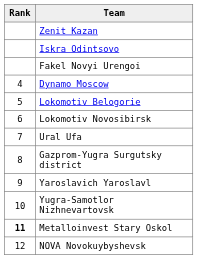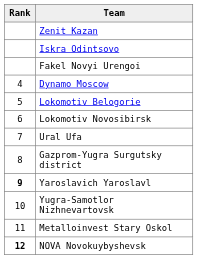 <table style=border-collapse:collapse border=1 cellspacing=1 cellpadding=5>
 <tr align=center bgcolor=#efefef>
 <th width=35>Rank</th>
 <th width=220>Team</th>
 </tr>
 <tr align=center>
 <td></td>
 <td style="text-align:left;"><a href='#'>Zenit Kazan</a></td>
 </tr>
 <tr align=center>
 <td></td>
 <td style="text-align:left;"><a href='#'>Iskra Odintsovo</a></td>
 </tr>
 <tr align=center>
 <td></td>
 <td style="text-align:left;">Fakel Novyi Urengoi</td>
 </tr>
 <tr align=center>
 <td>4</td>
 <td style="text-align:left;"><a href='#'>Dynamo Moscow</a></td>
 </tr>
 <tr align=center>
 <td>5</td>
 <td style="text-align:left;"><a href='#'>Lokomotiv Belogorie</a></td>
 </tr>
 <tr align=center>
 <td>6</td>
 <td style="text-align:left;">Lokomotiv Novosibirsk</td>
 </tr>
 <tr align=center>
 <td>7</td>
 <td style="text-align:left;">Ural Ufa</td>
 </tr>
 <tr align=center>
 <td>8</td>
 <td style="text-align:left;">Gazprom-Yugra Surgutsky district</td>
 </tr>
 <tr align=center>
-<td>9</td>
+<td><strong>9</strong></td>
 <td style="text-align:left;">Yaroslavich Yaroslavl</td>
 </tr>
 <tr align=center>
 <td>10</td>
 <td style="text-align:left;">Yugra-Samotlor Nizhnevartovsk</td>
 </tr>
 <tr align=center>
-<td><strong>11</strong></td>
+<td>11</td>
 <td style="text-align:left;">Metalloinvest Stary Oskol</td>
 </tr>
 <tr align=center>
-<td>12</td>
+<td><strong>12</strong></td>
 <td style="text-align:left;">NOVA Novokuybyshevsk</td>
 </tr>
 </table>
